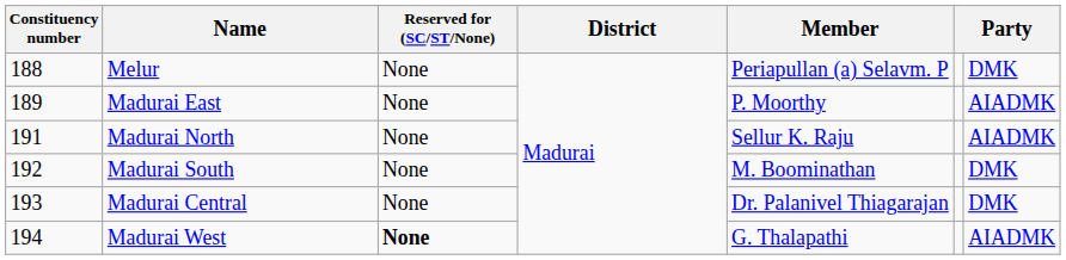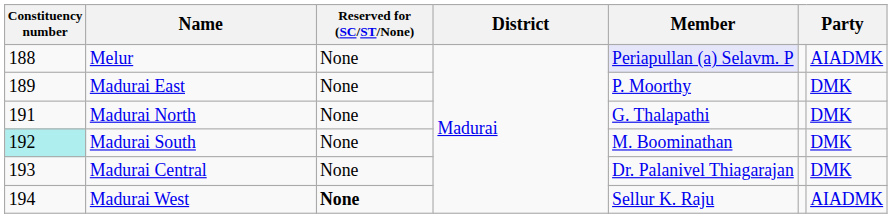 <table class="wikitable sortable">
 <tr>
 <th width="50px" style="font-size:75%">Constituency number</th>
 <th width="200px">Name</th>
 <th width="100px" style="font-size:75%">Reserved for (<a href='#'>SC</a>/<a href='#'>ST</a>/None)</th>
 <th width="150px">District</th>
 <th>Member</th>
 <th colspan="2">Party</th>
 </tr>
 <tr>
 <td>188</td>
 <td><a href='#'>Melur</a></td>
 <td>None</td>
 <td rowspan="6"><a href='#'>Madurai</a></td>
-<td><a href='#'>Periapullan (a) Selavm. P</a></td>
+<td style="background: lavender;"><a href='#'>Periapullan (a) Selavm. P</a></td>
 <td style="background-color: "></td>
-<td><a href='#'>DMK</a></td>
+<td><a href='#'>AIADMK</a></td>
 </tr>
 <tr>
 <td>189</td>
 <td><a href='#'>Madurai East</a></td>
 <td>None</td>
 <td><a href='#'>P. Moorthy</a></td>
 <td style="background-color: "></td>
-<td><a href='#'>AIADMK</a></td>
+<td><a href='#'>DMK</a></td>
 </tr>
 <tr>
 <td>191</td>
 <td><a href='#'>Madurai North</a></td>
 <td>None</td>
-<td><a href='#'>Sellur K. Raju</a></td>
+<td><a href='#'>G. Thalapathi</a></td>
 <td style="background-color: "></td>
-<td><a href='#'>AIADMK</a></td>
+<td><a href='#'>DMK</a></td>
 </tr>
 <tr>
-<td>192</td>
+<td style="background: paleturquoise;">192</td>
 <td><a href='#'>Madurai South</a></td>
 <td>None</td>
 <td><a href='#'>M. Boominathan</a></td>
 <td style="background-color: "></td>
 <td><a href='#'>DMK</a></td>
 </tr>
 <tr>
 <td>193</td>
 <td><a href='#'>Madurai Central</a></td>
 <td>None</td>
 <td><a href='#'>Dr. Palanivel Thiagarajan</a></td>
 <td style="background-color: "></td>
 <td><a href='#'>DMK</a></td>
 </tr>
 <tr>
 <td>194</td>
 <td><a href='#'>Madurai West</a></td>
 <td><strong>None</strong></td>
-<td><a href='#'>G. Thalapathi</a></td>
+<td><a href='#'>Sellur K. Raju</a></td>
 <td style="background-color: "></td>
 <td><a href='#'>AIADMK</a></td>
 </tr>
 </table>
